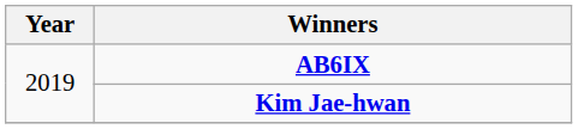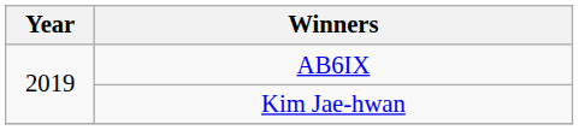 <table class="wikitable" style="text-align: center">
 <tr>
 <th width="50">Year</th>
 <th width="300" colspan="2">Winners</th>
 </tr>
 <tr>
 <td rowspan=2>2019</td>
-<td><strong><a href='#'>AB6IX</a></strong></td>
+<td><a href='#'>AB6IX</a></td>
 </tr>
 <tr>
-<td><strong><a href='#'>Kim Jae-hwan</a></strong></td>
+<td><a href='#'>Kim Jae-hwan</a></td>
 </tr>
 <tr>
 </tr>
 </table>
